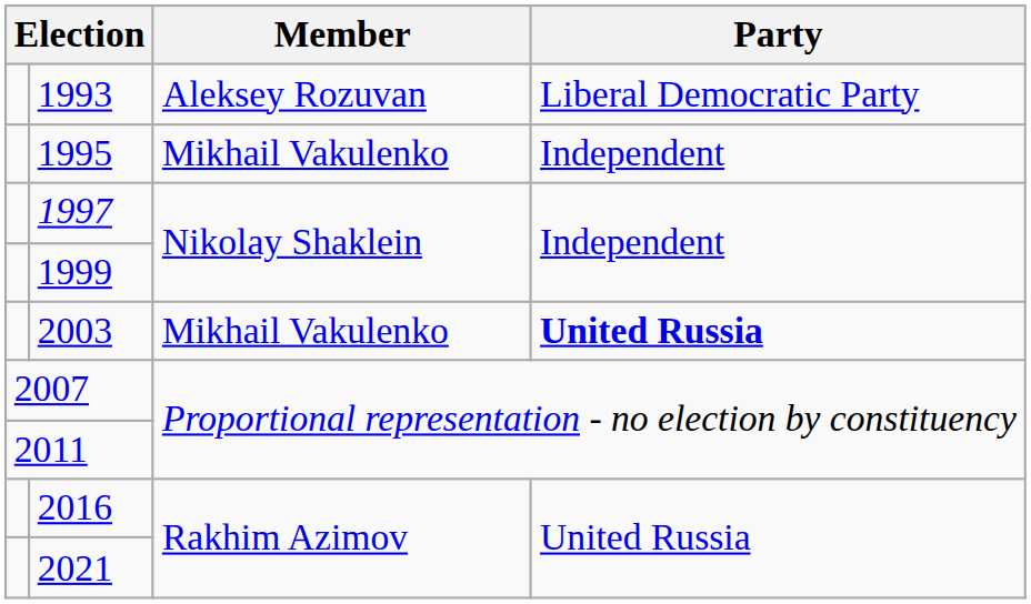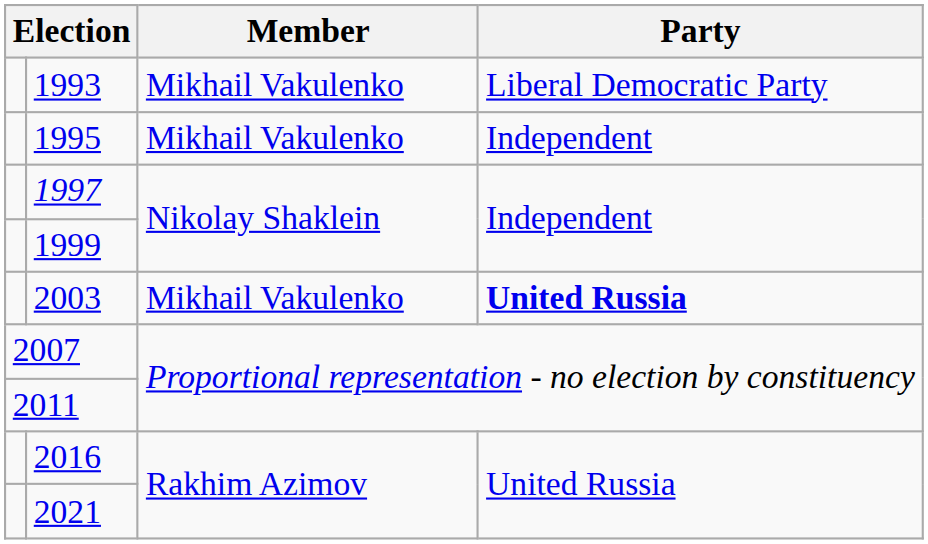 <table class="wikitable">
 <tr>
 <th colspan="2">Election</th>
 <th>Member</th>
 <th>Party</th>
 </tr>
 <tr>
 <td style="background-color:"></td>
 <td><a href='#'>1993</a></td>
-<td><a href='#'>Aleksey Rozuvan</a></td>
+<td><a href='#'>Mikhail Vakulenko</a></td>
 <td><a href='#'>Liberal Democratic Party</a></td>
 </tr>
 <tr>
 <td style="background-color:"></td>
 <td><a href='#'>1995</a></td>
 <td><a href='#'>Mikhail Vakulenko</a></td>
 <td><a href='#'>Independent</a></td>
 </tr>
 <tr>
 <td style="background-color:"></td>
 <td><em><a href='#'>1997</a></em></td>
 <td rowspan=2><a href='#'>Nikolay Shaklein</a></td>
 <td rowspan=2><a href='#'>Independent</a></td>
 </tr>
 <tr>
 <td style="background-color:"></td>
 <td><a href='#'>1999</a></td>
 </tr>
 <tr>
 <td style="background-color:"></td>
 <td><a href='#'>2003</a></td>
 <td><a href='#'>Mikhail Vakulenko</a></td>
 <td><strong><a href='#'>United Russia</a></strong></td>
 </tr>
 <tr>
 <td colspan=2><a href='#'>2007</a></td>
 <td colspan=2 rowspan=2><em><a href='#'>Proportional representation</a> - no election by constituency</em></td>
 </tr>
 <tr>
 <td colspan=2><a href='#'>2011</a></td>
 </tr>
 <tr>
 <td style="background-color: "></td>
 <td><a href='#'>2016</a></td>
 <td rowspan=2><a href='#'>Rakhim Azimov</a></td>
 <td rowspan=2><a href='#'>United Russia</a></td>
 </tr>
 <tr>
 <td style="background-color: "></td>
 <td><a href='#'>2021</a></td>
 </tr>
 </table>
